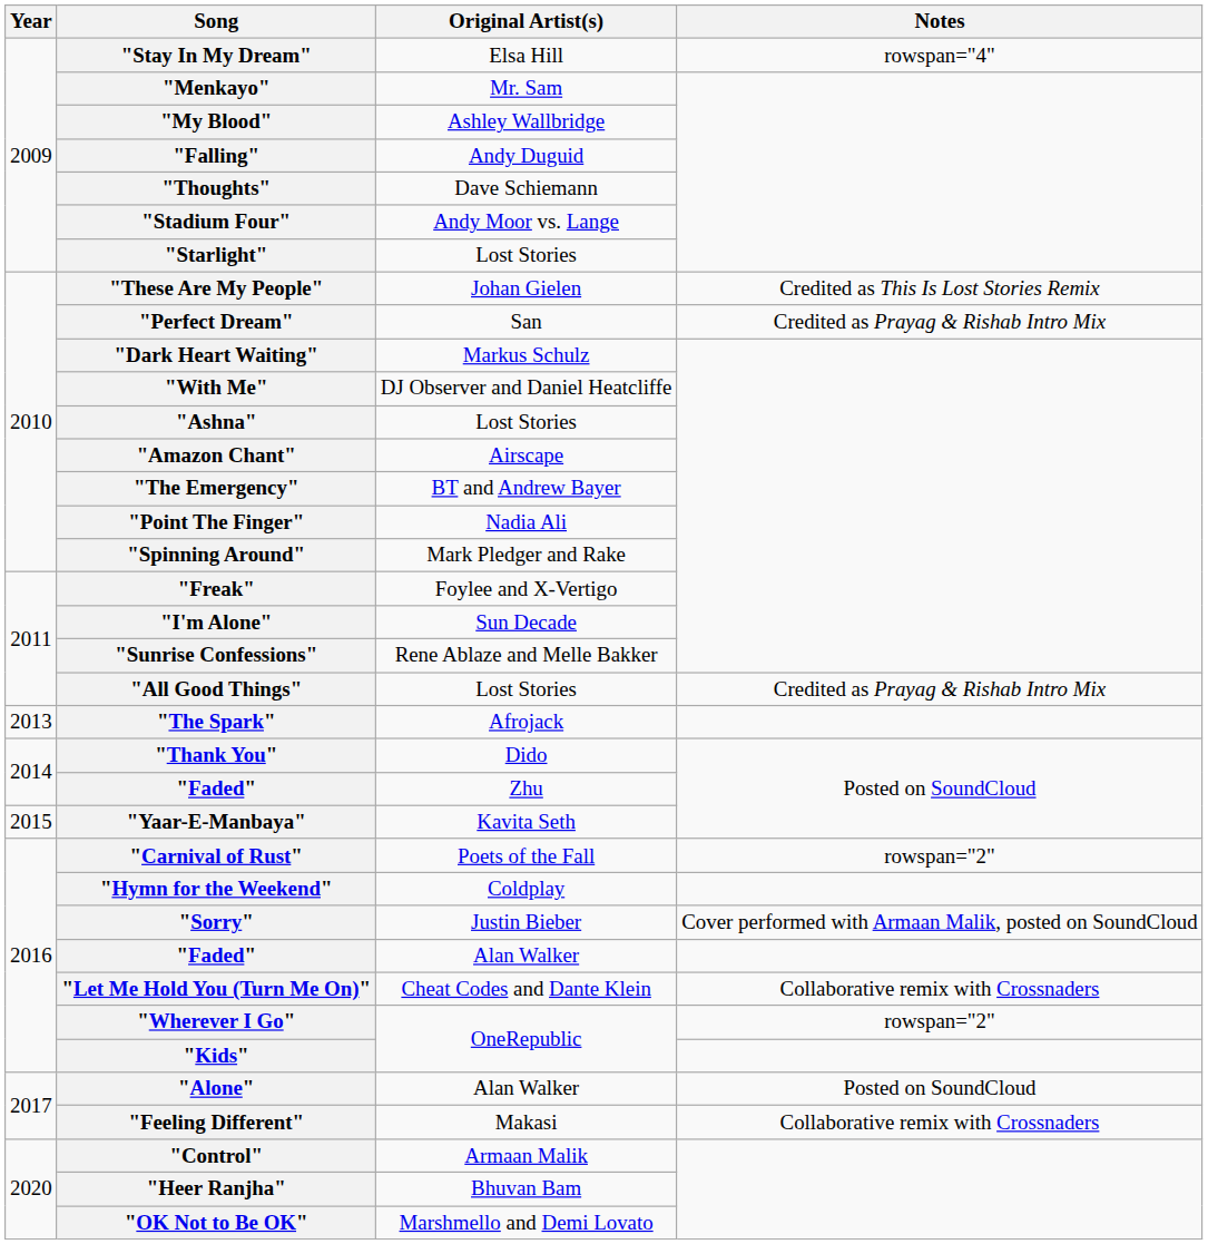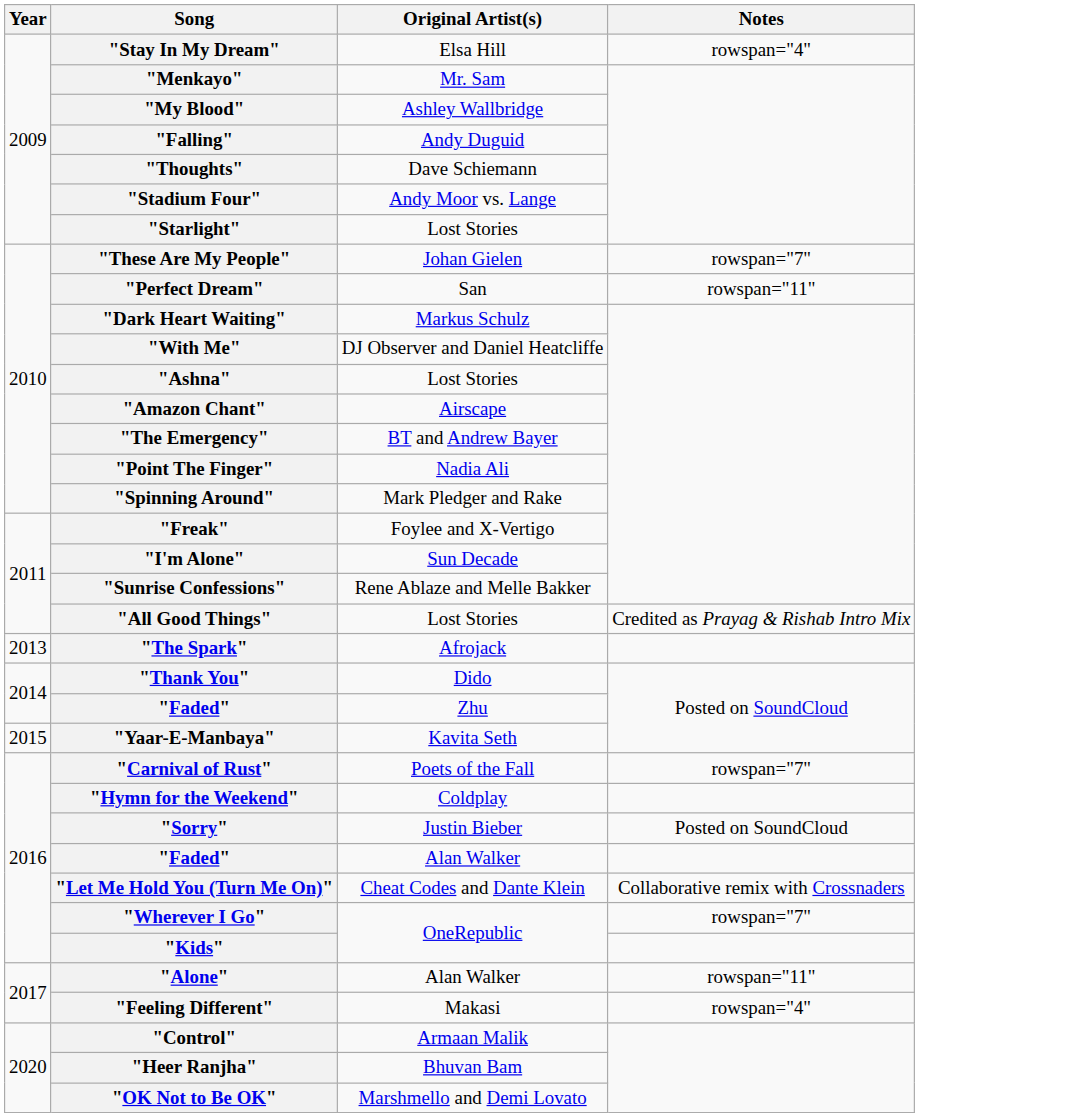 <table class="wikitable plainrowheaders" style="text-align:center;">
 <tr>
 <th>Year</th>
 <th>Song</th>
 <th>Original Artist(s)</th>
 <th>Notes</th>
 </tr>
 <tr>
 <td rowspan="7">2009</td>
 <th scope="row">"Stay In My Dream"</th>
 <td>Elsa Hill</td>
 <td>rowspan="4" </td>
 </tr>
 <tr>
 <th scope="row">"Menkayo"</th>
 <td><a href='#'>Mr. Sam</a> </td>
 </tr>
 <tr>
 <th scope="row">"My Blood"</th>
 <td><a href='#'>Ashley Wallbridge</a> </td>
 </tr>
 <tr>
 <th scope="row">"Falling"</th>
 <td><a href='#'>Andy Duguid</a> </td>
 </tr>
 <tr>
 <th scope="row">"Thoughts"</th>
 <td>Dave Schiemann</td>
 </tr>
 <tr>
 <th scope="row">"Stadium Four"</th>
 <td><a href='#'>Andy Moor</a> vs. <a href='#'>Lange</a></td>
 </tr>
 <tr>
 <th scope="row">"Starlight"</th>
 <td>Lost Stories<br></td>
 </tr>
 <tr>
 <td rowspan="9">2010</td>
 <th scope="row">"These Are My People"</th>
 <td><a href='#'>Johan Gielen</a></td>
-<td>Credited as <em>This Is Lost Stories Remix</em></td>
+<td>rowspan="7" </td>
 </tr>
 <tr>
 <th scope="row">"Perfect Dream"</th>
 <td>San<br></td>
-<td>Credited as <em>Prayag & Rishab Intro Mix</em></td>
+<td>rowspan="11" </td>
 </tr>
 <tr>
 <th scope="row">"Dark Heart Waiting"</th>
 <td><a href='#'>Markus Schulz</a> </td>
 </tr>
 <tr>
 <th scope="row">"With Me"</th>
 <td>DJ Observer and Daniel Heatcliffe </td>
 </tr>
 <tr>
 <th scope="row">"Ashna"</th>
 <td>Lost Stories <br></td>
 </tr>
 <tr>
 <th scope="row">"Amazon Chant"</th>
 <td><a href='#'>Airscape</a></td>
 </tr>
 <tr>
 <th scope="row">"The Emergency"</th>
 <td><a href='#'>BT</a> and <a href='#'>Andrew Bayer</a></td>
 </tr>
 <tr>
 <th scope="row">"Point The Finger"</th>
 <td><a href='#'>Nadia Ali</a></td>
 </tr>
 <tr>
 <th scope="row">"Spinning Around"</th>
 <td>Mark Pledger and Rake </td>
 </tr>
 <tr>
 <td rowspan="4">2011</td>
 <th scope="row">"Freak"</th>
 <td>Foylee and X-Vertigo</td>
 </tr>
 <tr>
 <th scope="row">"I'm Alone"</th>
 <td><a href='#'>Sun Decade</a></td>
 </tr>
 <tr>
 <th scope="row">"Sunrise Confessions"</th>
 <td>Rene Ablaze and Melle Bakker</td>
 </tr>
 <tr>
 <th scope="row">"All Good Things"</th>
 <td>Lost Stories</td>
 <td>Credited as <em>Prayag & Rishab Intro Mix</em></td>
 </tr>
 <tr>
 <td>2013</td>
 <th scope="row">"<a href='#'>The Spark</a>"</th>
 <td><a href='#'>Afrojack</a> </td>
 <td></td>
 </tr>
 <tr>
 <td rowspan="2">2014</td>
 <th scope="row">"<a href='#'>Thank You</a>"</th>
 <td><a href='#'>Dido</a></td>
 <td rowspan="3">Posted on <a href='#'>SoundCloud</a></td>
 </tr>
 <tr>
 <th scope="row">"<a href='#'>Faded</a>"</th>
 <td><a href='#'>Zhu</a></td>
 </tr>
 <tr>
 <td>2015</td>
 <th scope="row">"Yaar-E-Manbaya"</th>
 <td><a href='#'>Kavita Seth</a></td>
 </tr>
 <tr>
 <td rowspan="7">2016</td>
 <th scope="row">"<a href='#'>Carnival of Rust</a>"</th>
 <td><a href='#'>Poets of the Fall</a></td>
-<td>rowspan="2" </td>
+<td>rowspan="7" </td>
 </tr>
 <tr>
 <th scope="row">"<a href='#'>Hymn for the Weekend</a>"</th>
 <td><a href='#'>Coldplay</a></td>
 </tr>
 <tr>
 <th scope="row">"<a href='#'>Sorry</a>"</th>
 <td><a href='#'>Justin Bieber</a></td>
-<td>Cover performed with <a href='#'>Armaan Malik</a>, posted on SoundCloud</td>
+<td>Posted on SoundCloud</td>
 </tr>
 <tr>
 <th scope="row">"<a href='#'>Faded</a>"</th>
 <td><a href='#'>Alan Walker</a></td>
 <td></td>
 </tr>
 <tr>
 <th scope="row">"<a href='#'>Let Me Hold You (Turn Me On)</a>"</th>
 <td><a href='#'>Cheat Codes</a> and <a href='#'>Dante Klein</a></td>
 <td>Collaborative remix with <a href='#'>Crossnaders</a></td>
 </tr>
 <tr>
 <th scope="row">"<a href='#'>Wherever I Go</a>"</th>
 <td rowspan="2"><a href='#'>OneRepublic</a></td>
-<td>rowspan="2" </td>
+<td>rowspan="7" </td>
 </tr>
 <tr>
 <th scope="row">"<a href='#'>Kids</a>"</th>
 </tr>
 <tr>
 <td rowspan="2">2017</td>
 <th scope="row">"<a href='#'>Alone</a>"</th>
 <td>Alan Walker</td>
-<td>Posted on SoundCloud</td>
+<td>rowspan="11" </td>
 </tr>
 <tr>
 <th scope="row">"Feeling Different"</th>
 <td>Makasi </td>
-<td>Collaborative remix with <a href='#'>Crossnaders</a></td>
+<td>rowspan="4" </td>
 </tr>
 <tr>
 <td rowspan="3">2020</td>
 <th scope="row">"Control"</th>
 <td><a href='#'>Armaan Malik</a></td>
 </tr>
 <tr>
 <th scope="row">"Heer Ranjha"</th>
 <td><a href='#'>Bhuvan Bam</a></td>
 </tr>
 <tr>
 <th scope="row">"<a href='#'>OK Not to Be OK</a>"</th>
 <td><a href='#'>Marshmello</a> and <a href='#'>Demi Lovato</a></td>
 </tr>
 </table>
